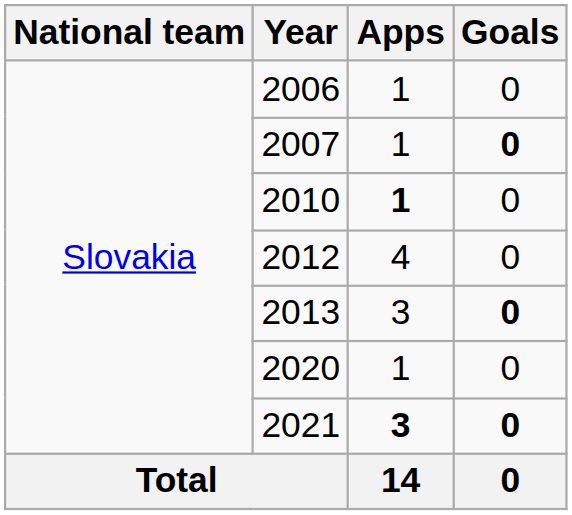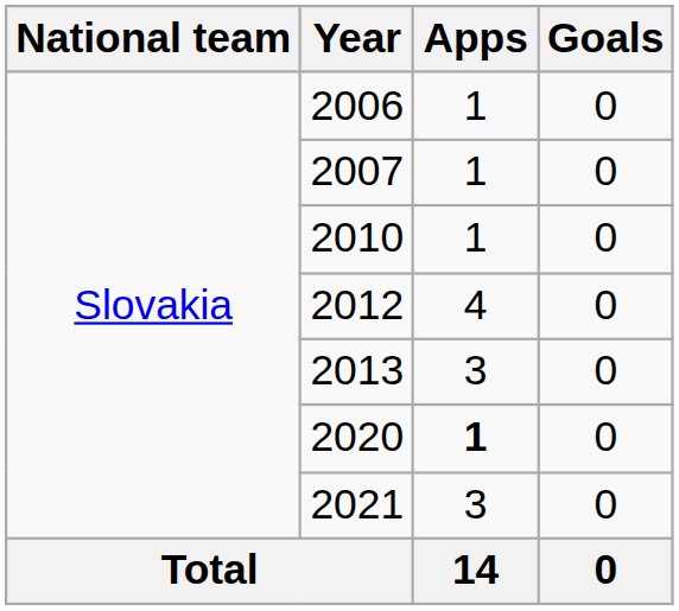 <table class=wikitable style=text-align:center>
 <tr>
 <th>National team</th>
 <th>Year</th>
 <th>Apps</th>
 <th>Goals</th>
 </tr>
 <tr>
 <td rowspan=7><a href='#'>Slovakia</a></td>
 <td>2006</td>
 <td>1</td>
 <td>0</td>
 </tr>
 <tr>
 <td>2007</td>
 <td>1</td>
-<td><strong>0</strong></td>
+<td>0</td>
 </tr>
 <tr>
 <td>2010</td>
-<td><strong>1</strong></td>
+<td>1</td>
 <td>0</td>
 </tr>
 <tr>
 <td>2012</td>
 <td>4</td>
 <td>0</td>
 </tr>
 <tr>
 <td>2013</td>
 <td>3</td>
-<td><strong>0</strong></td>
+<td>0</td>
 </tr>
 <tr>
 <td>2020</td>
-<td>1</td>
+<td><strong>1</strong></td>
 <td>0</td>
 </tr>
 <tr>
 <td>2021</td>
-<td><strong>3</strong></td>
-<td><strong>0</strong></td>
+<td>3</td>
+<td>0</td>
 </tr>
 <tr>
 <th colspan=2>Total</th>
 <th>14</th>
 <th>0</th>
 </tr>
 </table>
